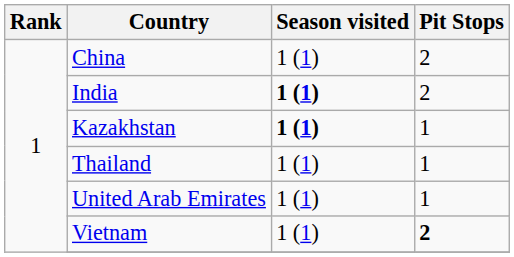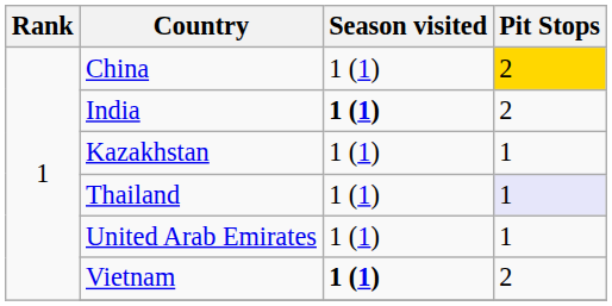 <table class="wikitable">
 <tr>
 <th>Rank</th>
 <th>Country</th>
 <th>Season visited</th>
 <th>Pit Stops</th>
 </tr>
 <tr>
 <td style="text-align:center;" rowspan="7">1</td>
 <td><a href='#'>China</a></td>
 <td>1 (<a href='#'>1</a>)</td>
-<td>2</td>
+<td style="background: gold;">2</td>
 </tr>
 <tr>
 <td><a href='#'>India</a></td>
 <td><strong>1 (<a href='#'>1</a>)</strong></td>
 <td>2</td>
 </tr>
 <tr>
 <td><a href='#'>Kazakhstan</a></td>
-<td><strong>1 (<a href='#'>1</a>)</strong></td>
+<td>1 (<a href='#'>1</a>)</td>
 <td>1</td>
 </tr>
 <tr>
 <td><a href='#'>Thailand</a></td>
 <td>1 (<a href='#'>1</a>)</td>
-<td>1</td>
+<td style="background: lavender;">1</td>
 </tr>
 <tr>
 <td><a href='#'>United Arab Emirates</a></td>
 <td>1 (<a href='#'>1</a>)</td>
 <td>1</td>
 </tr>
 <tr>
 <td><a href='#'>Vietnam</a></td>
-<td>1 (<a href='#'>1</a>)</td>
-<td><strong>2</strong></td>
+<td><strong>1 (<a href='#'>1</a>)</strong></td>
+<td>2</td>
 </tr>
 <tr>
 </tr>
 </table>
